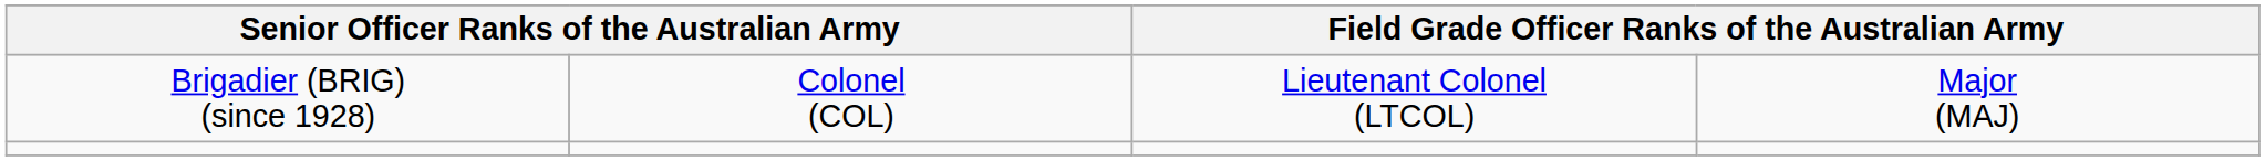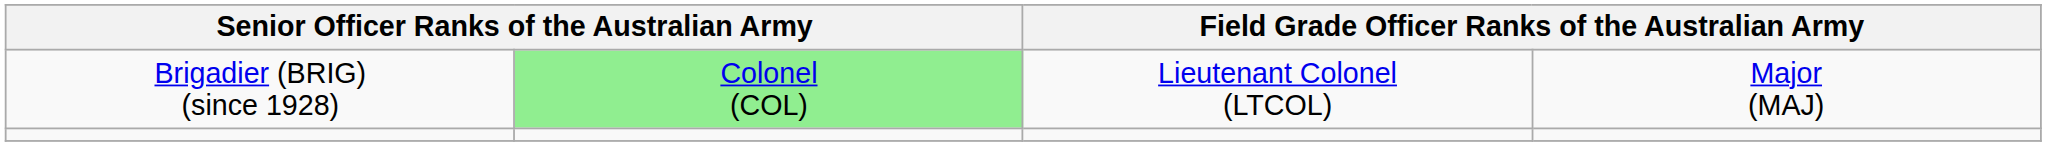 <table class="wikitable"  style="margin:0.2em auto; width:90%;">
 <tr>
 <th colspan=2>Senior Officer Ranks of the Australian Army</th>
 <th colspan=2>Field Grade Officer Ranks of the Australian Army</th>
 </tr>
 <tr align=center>
 <td width="25%"><a href='#'>Brigadier</a> (BRIG)<br>(since 1928)</td>
-<td width="25%"><a href='#'>Colonel</a><br>(COL)</td>
+<td width="25%" style="background: lightgreen;"><a href='#'>Colonel</a><br>(COL)</td>
 <td width="25%"><a href='#'>Lieutenant Colonel</a><br>(LTCOL)</td>
 <td width="25%"><a href='#'>Major</a><br>(MAJ)</td>
 </tr>
 <tr style="text-align:center;">
 <td></td>
 <td></td>
 <td></td>
 <td></td>
 </tr>
 </table>
